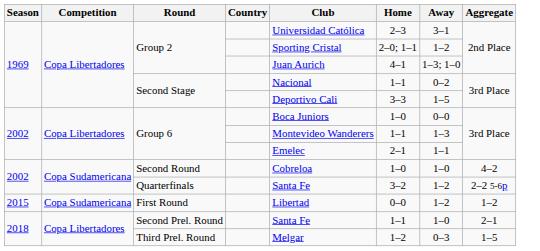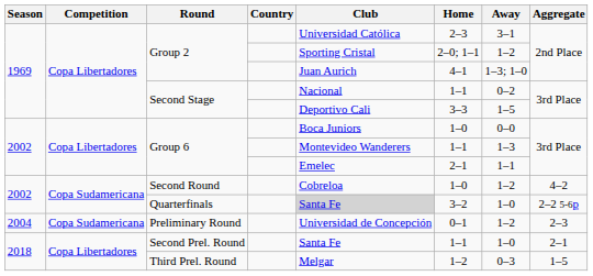 <table class="wikitable" style="text-align:left;">
 <tr>
 <th>Season</th>
 <th>Competition</th>
 <th>Round</th>
 <th>Country</th>
 <th>Club</th>
 <th>Home</th>
 <th>Away</th>
 <th>Aggregate</th>
 </tr>
 <tr>
 <td rowspan="5"><a href='#'>1969</a></td>
 <td rowspan="5"><a href='#'>Copa Libertadores</a></td>
 <td rowspan="3">Group 2</td>
 <td></td>
 <td><a href='#'>Universidad Católica</a></td>
 <td style="text-align:center;">2–3</td>
 <td style="text-align:center;">3–1</td>
 <td style="text-align:center;" rowspan=3>2nd Place</td>
 </tr>
 <tr>
 <td></td>
 <td><a href='#'>Sporting Cristal</a></td>
 <td style="text-align:center;">2–0; 1–1</td>
 <td style="text-align:center;">1–2</td>
 </tr>
 <tr>
 <td></td>
 <td><a href='#'>Juan Aurich</a></td>
 <td style="text-align:center;">4–1</td>
 <td style="text-align:center;">1–3; 1–0</td>
 </tr>
 <tr>
 <td rowspan="2">Second Stage</td>
 <td></td>
 <td><a href='#'>Nacional</a></td>
 <td style="text-align:center;">1–1</td>
 <td style="text-align:center;">0–2</td>
 <td style="text-align:center;" rowspan=2>3rd Place</td>
 </tr>
 <tr>
 <td></td>
 <td><a href='#'>Deportivo Cali</a></td>
 <td style="text-align:center;">3–3</td>
 <td style="text-align:center;">1–5</td>
 </tr>
 <tr>
 <td rowspan="3"><a href='#'>2002</a></td>
 <td rowspan="3"><a href='#'>Copa Libertadores</a></td>
 <td rowspan="3">Group 6</td>
 <td></td>
 <td><a href='#'>Boca Juniors</a></td>
 <td style="text-align:center;">1–0</td>
 <td style="text-align:center;">0–0</td>
 <td style="text-align:center;" rowspan=3>3rd Place</td>
 </tr>
 <tr>
 <td></td>
 <td><a href='#'>Montevideo Wanderers</a></td>
 <td style="text-align:center;">1–1</td>
 <td style="text-align:center;">1–3</td>
 </tr>
 <tr>
 <td></td>
 <td><a href='#'>Emelec</a></td>
 <td style="text-align:center;">2–1</td>
 <td style="text-align:center;">1–1</td>
 </tr>
 <tr>
 <td rowspan="2"><a href='#'>2002</a></td>
 <td rowspan="2"><a href='#'>Copa Sudamericana</a></td>
 <td>Second Round</td>
 <td></td>
 <td><a href='#'>Cobreloa</a></td>
 <td style="text-align:center;">1–0</td>
-<td style="text-align:center;">1–0</td>
+<td style="text-align:center;">1–2</td>
 <td style="text-align:center;">4–2</td>
 </tr>
 <tr>
 <td>Quarterfinals</td>
 <td></td>
-<td><a href='#'>Santa Fe</a></td>
+<td style="background: lightgrey;"><a href='#'>Santa Fe</a></td>
 <td style="text-align:center;">3–2</td>
-<td style="text-align:center;">1–2</td>
+<td style="text-align:center;">1–0</td>
 <td style="text-align:center;">2–2 <small>5-6</small><a href='#'>p</a></td>
 </tr>
 <tr>
-<td><a href='#'>2015</a></td>
+<td><a href='#'>2004</a></td>
 <td><a href='#'>Copa Sudamericana</a></td>
-<td>First Round</td>
+<td>Preliminary Round</td>
 <td></td>
-<td><a href='#'>Libertad</a></td>
-<td style="text-align:center;">0–0</td>
+<td><a href='#'>Universidad de Concepción</a></td>
+<td style="text-align:center;">0–1</td>
 <td style="text-align:center;">1–2</td>
-<td style="text-align:center;">1–2</td>
+<td style="text-align:center;">2–3</td>
 </tr>
 <tr>
 <td rowspan="2"><a href='#'>2018</a></td>
 <td rowspan="2"><a href='#'>Copa Libertadores</a></td>
 <td>Second Prel. Round</td>
 <td></td>
 <td><a href='#'>Santa Fe</a></td>
 <td style="text-align:center;">1–1</td>
 <td style="text-align:center;">1–0</td>
 <td style="text-align:center;">2–1</td>
 </tr>
 <tr>
 <td>Third Prel. Round</td>
 <td></td>
 <td><a href='#'>Melgar</a></td>
 <td style="text-align:center;">1–2</td>
 <td style="text-align:center;">0–3</td>
 <td style="text-align:center;">1–5</td>
 </tr>
 </table>
